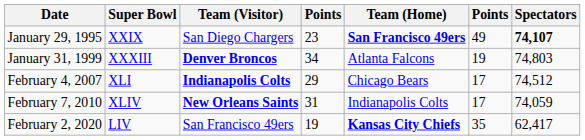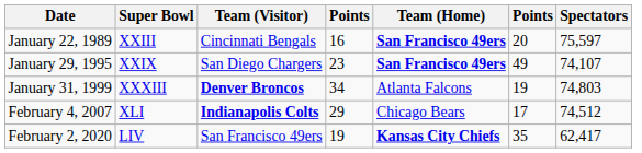 <table class="wikitable" style=font-size:100% style="text-align:center">
 <tr>
 <th style="text-align:center;">Date</th>
 <th style="text-align:center;">Super Bowl</th>
 <th style="text-align:center;">Team (Visitor)</th>
 <th style="text-align:center;">Points</th>
 <th style="text-align:center;">Team (Home)</th>
 <th style="text-align:center;">Points</th>
 <th style="text-align:center;">Spectators</th>
 </tr>
 <tr>
+<td>January 22, 1989</td>
+<td><a href='#'>XXIII</a></td>
+<td><a href='#'>Cincinnati Bengals</a></td>
+<td>16</td>
+<td><strong><a href='#'>San Francisco 49ers</a></strong></td>
+<td>20</td>
+<td>75,597</td>
+</tr>
+<tr>
 <td>January 29, 1995</td>
 <td><a href='#'>XXIX</a></td>
 <td><a href='#'>San Diego Chargers</a></td>
 <td>23</td>
 <td><strong><a href='#'>San Francisco 49ers</a></strong></td>
 <td>49</td>
-<td><strong>74,107</strong></td>
+<td>74,107</td>
 </tr>
 <tr>
 <td>January 31, 1999</td>
 <td><a href='#'>XXXIII</a></td>
 <td><strong><a href='#'>Denver Broncos</a></strong></td>
 <td>34</td>
 <td><a href='#'>Atlanta Falcons</a></td>
 <td>19</td>
 <td>74,803</td>
 </tr>
 <tr>
 <td>February 4, 2007</td>
 <td><a href='#'>XLI</a></td>
 <td><strong><a href='#'>Indianapolis Colts</a></strong></td>
 <td>29</td>
 <td><a href='#'>Chicago Bears</a></td>
 <td>17</td>
 <td>74,512</td>
 </tr>
 <tr>
-<td>February 7, 2010</td>
-<td><a href='#'>XLIV</a></td>
-<td><strong><a href='#'>New Orleans Saints</a></strong></td>
-<td>31</td>
-<td><a href='#'>Indianapolis Colts</a></td>
-<td>17</td>
-<td>74,059</td>
-</tr>
-<tr>
 <td>February 2, 2020</td>
 <td><a href='#'>LIV</a></td>
 <td><a href='#'>San Francisco 49ers</a></td>
 <td>19</td>
 <td><strong><a href='#'>Kansas City Chiefs</a></strong></td>
 <td>35</td>
 <td>62,417</td>
 </tr>
 </table>
